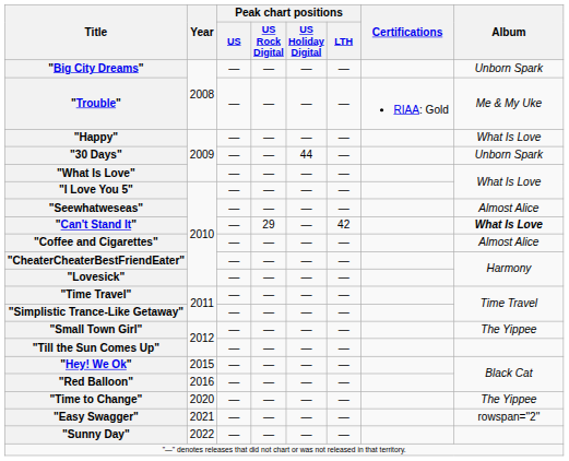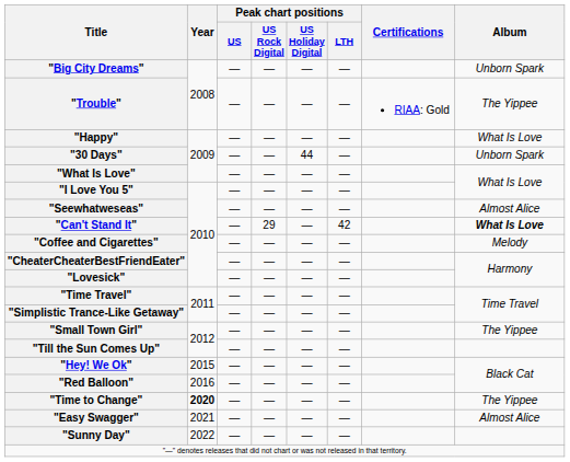 <table class="wikitable plainrowheaders" style="text-align:center;">
 <tr>
 <th scope="col" rowspan="2" style="width:16em;">Title</th>
 <th scope="col" rowspan="2" style="width:1em;">Year</th>
 <th scope="col" colspan="4">Peak chart positions</th>
 <th scope="col" rowspan="2" style="width:8em;"><a href='#'>Certifications</a></th>
 <th scope="col" rowspan="2" style="width:9.5em;">Album</th>
 </tr>
 <tr>
 <th scope="col" style="width:3em;font-size:90%;"><a href='#'>US</a><br></th>
 <th scope="col" style="width:3em;font-size:90%;"><a href='#'>US Rock Digital</a><br></th>
 <th scope="col" style="width:3em;font-size:90%;"><a href='#'>US<br>Holiday<br>Digital</a><br></th>
 <th scope="col" style="width:3em;font-size:90%;"><a href='#'>LTH</a><br></th>
 </tr>
 <tr>
 <th scope="row">"<a href='#'>Big City Dreams</a>"</th>
 <td rowspan="2">2008</td>
 <td>—</td>
 <td>—</td>
 <td>—</td>
 <td>—</td>
 <td></td>
 <td><em>Unborn Spark</em></td>
 </tr>
 <tr>
 <th scope="row">"<a href='#'>Trouble</a>"</th>
 <td>—</td>
 <td>—</td>
 <td>—</td>
 <td>—</td>
 <td><br><ul><li><a href='#'>RIAA</a>: Gold</li></ul></td>
-<td><em>Me & My Uke</em></td>
+<td><em>The Yippee</em></td>
 </tr>
 <tr>
 <th scope="row">"Happy"</th>
 <td rowspan="3">2009</td>
 <td>—</td>
 <td>—</td>
 <td>—</td>
 <td>—</td>
 <td></td>
 <td><em>What Is Love</em></td>
 </tr>
 <tr>
 <th scope="row">"30 Days"</th>
 <td>—</td>
 <td>—</td>
 <td>44</td>
 <td>—</td>
 <td></td>
 <td><em>Unborn Spark</em></td>
 </tr>
 <tr>
 <th scope="row">"What Is Love"</th>
 <td>—</td>
 <td>—</td>
 <td>—</td>
 <td>—</td>
 <td></td>
 <td rowspan="2"><em>What Is Love</em></td>
 </tr>
 <tr>
 <th scope="row">"I Love You 5"</th>
 <td rowspan="6">2010</td>
 <td>—</td>
 <td>—</td>
 <td>—</td>
 <td>—</td>
 <td></td>
 </tr>
 <tr>
 <th scope="row">"Seewhatweseas"</th>
 <td>—</td>
 <td>—</td>
 <td>—</td>
 <td>—</td>
 <td></td>
 <td><em>Almost Alice</em></td>
 </tr>
 <tr>
 <th scope="row">"<a href='#'>Can't Stand It</a>"</th>
 <td>—</td>
 <td>29</td>
 <td>—</td>
 <td>42</td>
 <td></td>
 <td><strong><em>What Is Love</em></strong></td>
 </tr>
 <tr>
 <th scope="row">"Coffee and Cigarettes"</th>
 <td>—</td>
 <td>—</td>
 <td>—</td>
 <td>—</td>
 <td></td>
-<td><em>Almost Alice</em></td>
+<td><em>Melody</em></td>
 </tr>
 <tr>
 <th scope="row">"CheaterCheaterBestFriendEater"</th>
 <td>—</td>
 <td>—</td>
 <td>—</td>
 <td>—</td>
 <td></td>
 <td rowspan="2"><em>Harmony</em></td>
 </tr>
 <tr>
 <th scope="row">"Lovesick"</th>
 <td>—</td>
 <td>—</td>
 <td>—</td>
 <td>—</td>
 <td></td>
 </tr>
 <tr>
 <th scope="row">"Time Travel"</th>
 <td rowspan="2">2011</td>
 <td>—</td>
 <td>—</td>
 <td>—</td>
 <td>—</td>
 <td></td>
 <td rowspan="2"><em>Time Travel</em></td>
 </tr>
 <tr>
 <th scope="row">"Simplistic Trance-Like Getaway"</th>
 <td>—</td>
 <td>—</td>
 <td>—</td>
 <td>—</td>
 <td></td>
 </tr>
 <tr>
 <th scope="row">"Small Town Girl"</th>
 <td rowspan="2">2012</td>
 <td>—</td>
 <td>—</td>
 <td>—</td>
 <td>—</td>
 <td></td>
 <td><em>The Yippee</em></td>
 </tr>
 <tr>
 <th scope="row">"Till the Sun Comes Up"</th>
 <td>—</td>
 <td>—</td>
 <td>—</td>
 <td>—</td>
 <td></td>
 </tr>
 <tr>
 <th scope="row">"<a href='#'>Hey! We Ok</a>"</th>
 <td>2015</td>
 <td>—</td>
 <td>—</td>
 <td>—</td>
 <td>—</td>
 <td></td>
 <td rowspan="2"><em>Black Cat</em></td>
 </tr>
 <tr>
 <th scope="row">"Red Balloon"</th>
 <td>2016</td>
 <td>—</td>
 <td>—</td>
 <td>—</td>
 <td>—</td>
 <td></td>
 </tr>
 <tr>
 <th scope="row">"Time to Change"</th>
-<td>2020</td>
+<td><strong>2020</strong></td>
 <td>—</td>
 <td>—</td>
 <td>—</td>
 <td>—</td>
 <td></td>
 <td><em>The Yippee</em></td>
 </tr>
 <tr>
 <th scope="row">"Easy Swagger"</th>
 <td>2021</td>
 <td>—</td>
 <td>—</td>
 <td>—</td>
 <td>—</td>
 <td></td>
-<td>rowspan="2" </td>
+<td><em>Almost Alice</em></td>
 </tr>
 <tr>
 <th scope="row">"Sunny Day"</th>
 <td>2022</td>
 <td>—</td>
 <td>—</td>
 <td>—</td>
 <td>—</td>
 <td></td>
 </tr>
 <tr>
 <td colspan="12" style="font-size:8pt">"—" denotes releases that did not chart or was not released in that territory.</td>
 </tr>
 </table>
